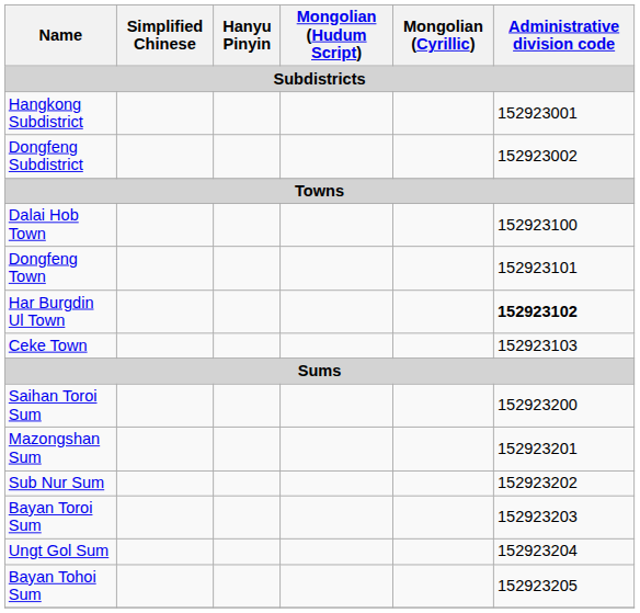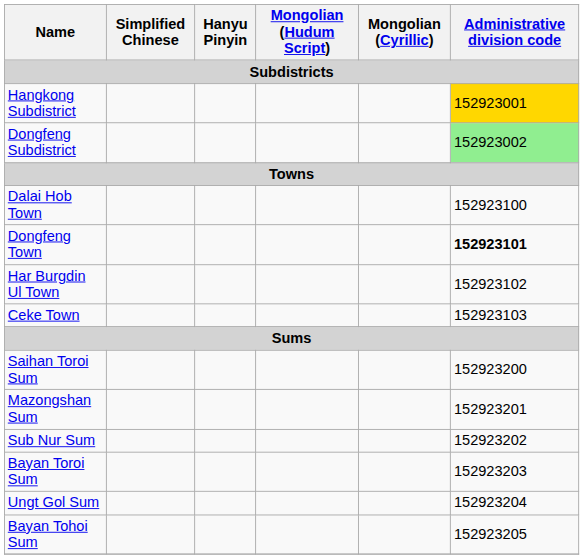 <table class="wikitable" align="center" style="width:50%; border="1">
 <tr>
 <th>Name</th>
 <th>Simplified Chinese</th>
 <th>Hanyu Pinyin</th>
 <th><a href='#'>Mongolian</a> (<a href='#'>Hudum Script</a>)</th>
 <th>Mongolian (<a href='#'>Cyrillic</a>)</th>
 <th><a href='#'>Administrative division code</a></th>
 </tr>
 <tr>
 <td colspan="6"  style="text-align:center; background:#d3d3d3;"><strong>Subdistricts</strong></td>
 </tr>
 <tr --------->
 <td><a href='#'>Hangkong Subdistrict</a></td>
 <td></td>
 <td></td>
 <td></td>
 <td></td>
-<td>152923001</td>
+<td style="background: gold;">152923001</td>
 </tr>
 <tr>
 <td><a href='#'>Dongfeng Subdistrict</a></td>
 <td></td>
 <td></td>
 <td></td>
 <td></td>
-<td>152923002</td>
+<td style="background: lightgreen;">152923002</td>
 </tr>
 <tr>
 <td colspan="6"  style="text-align:center; background:#d3d3d3;"><strong>Towns</strong></td>
 </tr>
 <tr --------->
 <td><a href='#'>Dalai Hob Town</a></td>
 <td></td>
 <td></td>
 <td></td>
 <td></td>
 <td>152923100</td>
 </tr>
 <tr>
 <td><a href='#'>Dongfeng Town</a></td>
 <td></td>
 <td></td>
 <td></td>
 <td></td>
-<td>152923101</td>
+<td><strong>152923101</strong></td>
 </tr>
 <tr>
 <td><a href='#'>Har Burgdin Ul Town</a></td>
 <td></td>
 <td></td>
 <td></td>
 <td></td>
-<td><strong>152923102</strong></td>
+<td>152923102</td>
 </tr>
 <tr>
 <td><a href='#'>Ceke Town</a></td>
 <td></td>
 <td></td>
 <td></td>
 <td></td>
 <td>152923103</td>
 </tr>
 <tr>
 <td colspan="6"  style="text-align:center; background:#d3d3d3;"><strong>Sums</strong></td>
 </tr>
 <tr --------->
 <td><a href='#'>Saihan Toroi Sum</a></td>
 <td></td>
 <td></td>
 <td></td>
 <td></td>
 <td>152923200</td>
 </tr>
 <tr>
 <td><a href='#'>Mazongshan Sum</a></td>
 <td></td>
 <td></td>
 <td></td>
 <td></td>
 <td>152923201</td>
 </tr>
 <tr>
 <td><a href='#'>Sub Nur Sum</a></td>
 <td></td>
 <td></td>
 <td></td>
 <td></td>
 <td>152923202</td>
 </tr>
 <tr>
 <td><a href='#'>Bayan Toroi Sum</a></td>
 <td></td>
 <td></td>
 <td></td>
 <td></td>
 <td>152923203</td>
 </tr>
 <tr>
 <td><a href='#'>Ungt Gol Sum</a></td>
 <td></td>
 <td></td>
 <td></td>
 <td></td>
 <td>152923204</td>
 </tr>
 <tr>
 <td><a href='#'>Bayan Tohoi Sum</a></td>
 <td></td>
 <td></td>
 <td></td>
 <td></td>
 <td>152923205</td>
 </tr>
 <tr>
 </tr>
 </table>
